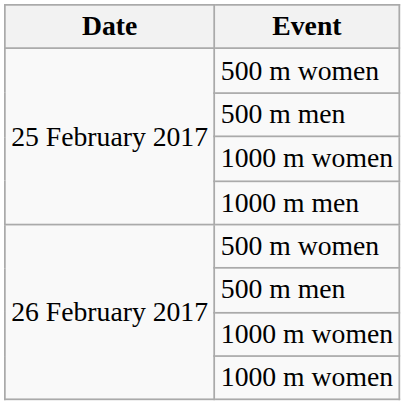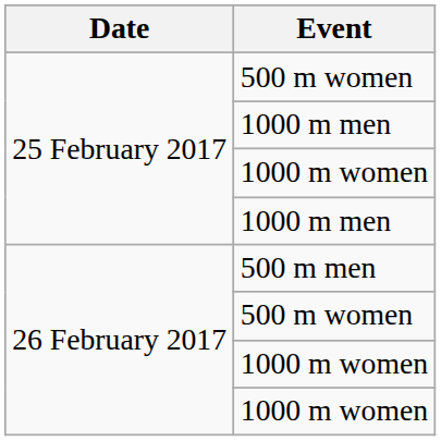 <table class="wikitable" border="1">
 <tr>
 <th>Date</th>
 <th>Event</th>
 </tr>
 <tr>
 <td rowspan=4>25 February 2017</td>
 <td>500 m women</td>
 </tr>
 <tr>
-<td>500 m men</td>
+<td>1000 m men</td>
 </tr>
 <tr>
 <td>1000 m women</td>
 </tr>
 <tr>
 <td>1000 m men</td>
 </tr>
 <tr>
 <td rowspan=4>26 February 2017</td>
-<td>500 m women</td>
+<td>500 m men</td>
 </tr>
 <tr>
-<td>500 m men</td>
+<td>500 m women</td>
 </tr>
 <tr>
 <td>1000 m women</td>
 </tr>
 <tr>
 <td>1000 m women</td>
 </tr>
 </table>
